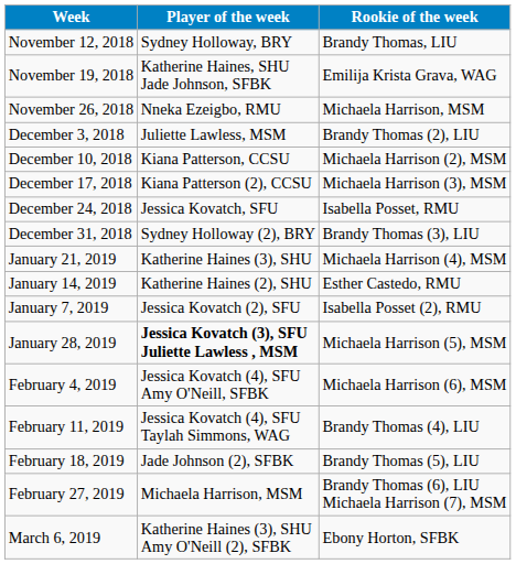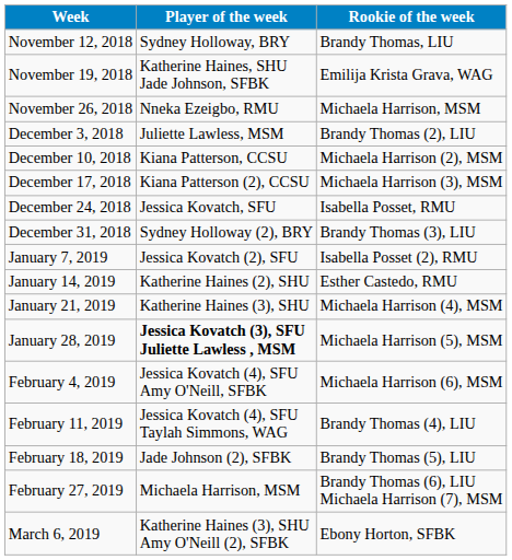 <table class="wikitable" border="1">
 <tr>
 <th align="center" style="background:#0081C4; color:#FFFFFF;">Week</th>
 <th align="center" style="background:#0081C4; color:#FFFFFF;">Player of the week</th>
 <th align="center" style="background:#0081C4; color:#FFFFFF;">Rookie of the week</th>
 </tr>
 <tr>
 <td>November 12, 2018</td>
 <td>Sydney Holloway, BRY</td>
 <td>Brandy Thomas, LIU</td>
 </tr>
 <tr>
 <td>November 19, 2018</td>
 <td>Katherine Haines, SHU <br> Jade Johnson, SFBK</td>
 <td>Emilija Krista Grava, WAG</td>
 </tr>
 <tr>
 <td>November 26, 2018</td>
 <td>Nneka Ezeigbo, RMU</td>
 <td>Michaela Harrison, MSM</td>
 </tr>
 <tr>
 <td>December 3, 2018</td>
 <td>Juliette Lawless, MSM</td>
 <td>Brandy Thomas (2), LIU</td>
 </tr>
 <tr>
 <td>December 10, 2018</td>
 <td>Kiana Patterson, CCSU</td>
 <td>Michaela Harrison (2), MSM</td>
 </tr>
 <tr>
 <td>December 17, 2018</td>
 <td>Kiana Patterson (2), CCSU</td>
 <td>Michaela Harrison (3), MSM</td>
 </tr>
 <tr>
 <td>December 24, 2018</td>
 <td>Jessica Kovatch, SFU</td>
 <td>Isabella Posset, RMU</td>
 </tr>
 <tr>
 <td>December 31, 2018</td>
 <td>Sydney Holloway (2), BRY</td>
 <td>Brandy Thomas (3), LIU</td>
 </tr>
 <tr>
-<td>January 21, 2019</td>
-<td>Katherine Haines (3), SHU</td>
-<td>Michaela Harrison (4), MSM</td>
+<td>January 7, 2019</td>
+<td>Jessica Kovatch (2), SFU</td>
+<td>Isabella Posset (2), RMU</td>
 </tr>
 <tr>
 <td>January 14, 2019</td>
 <td>Katherine Haines (2), SHU</td>
 <td>Esther Castedo, RMU</td>
 </tr>
 <tr>
-<td>January 7, 2019</td>
-<td>Jessica Kovatch (2), SFU</td>
-<td>Isabella Posset (2), RMU</td>
+<td>January 21, 2019</td>
+<td>Katherine Haines (3), SHU</td>
+<td>Michaela Harrison (4), MSM</td>
 </tr>
 <tr>
 <td>January 28, 2019</td>
 <td><strong>Jessica Kovatch (3), SFU <br> Juliette Lawless , MSM</strong></td>
 <td>Michaela Harrison (5), MSM</td>
 </tr>
 <tr>
 <td>February 4, 2019</td>
 <td>Jessica Kovatch (4), SFU <br> Amy O'Neill, SFBK</td>
 <td>Michaela Harrison (6), MSM</td>
 </tr>
 <tr>
 <td>February 11, 2019</td>
 <td>Jessica Kovatch (4), SFU <br> Taylah Simmons, WAG</td>
 <td>Brandy Thomas (4), LIU</td>
 </tr>
 <tr>
 <td>February 18, 2019</td>
 <td>Jade Johnson (2), SFBK</td>
 <td>Brandy Thomas (5), LIU</td>
 </tr>
 <tr>
 <td>February 27, 2019</td>
 <td>Michaela Harrison, MSM</td>
 <td>Brandy Thomas (6), LIU <br> Michaela Harrison (7), MSM</td>
 </tr>
 <tr>
 <td>March 6, 2019</td>
 <td>Katherine Haines (3), SHU <br> Amy O'Neill (2), SFBK</td>
 <td>Ebony Horton, SFBK</td>
 </tr>
 </table>
